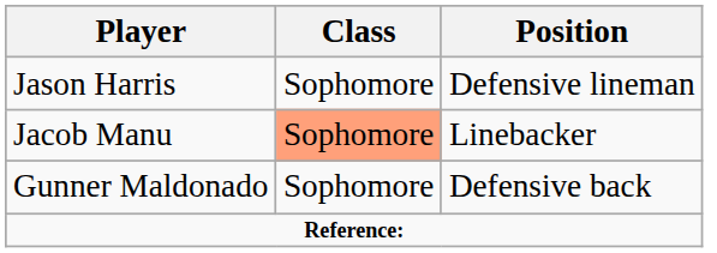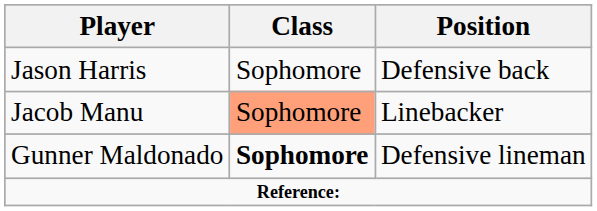 <table class="wikitable">
 <tr>
 <th style="text-align:center; ">Player</th>
 <th style="text-align:center; ">Class</th>
 <th style="text-align:center; ">Position</th>
 </tr>
 <tr>
 <td>Jason Harris</td>
 <td> Sophomore</td>
-<td>Defensive lineman</td>
+<td>Defensive back</td>
 </tr>
 <tr>
 <td>Jacob Manu</td>
 <td style="background: lightsalmon;">Sophomore</td>
 <td>Linebacker</td>
 </tr>
 <tr>
 <td>Gunner Maldonado</td>
-<td>Sophomore</td>
-<td>Defensive back</td>
+<td><strong>Sophomore</strong></td>
+<td>Defensive lineman</td>
 </tr>
 <tr>
 <td colspan="4"  style="font-size:8pt; text-align:center;"><strong>Reference:</strong></td>
 </tr>
 </table>
